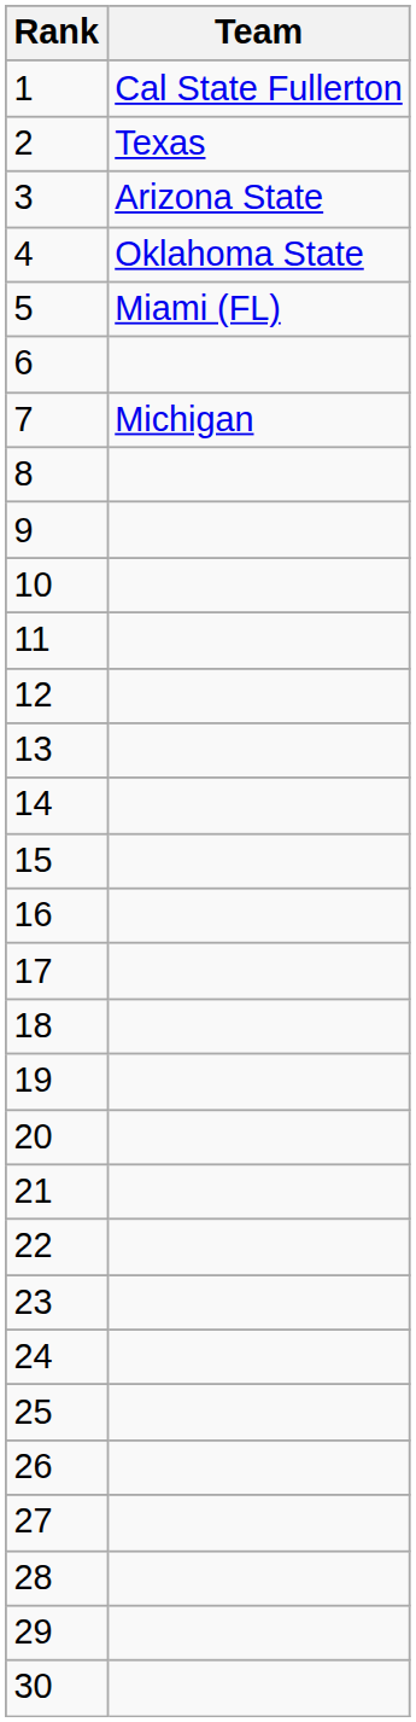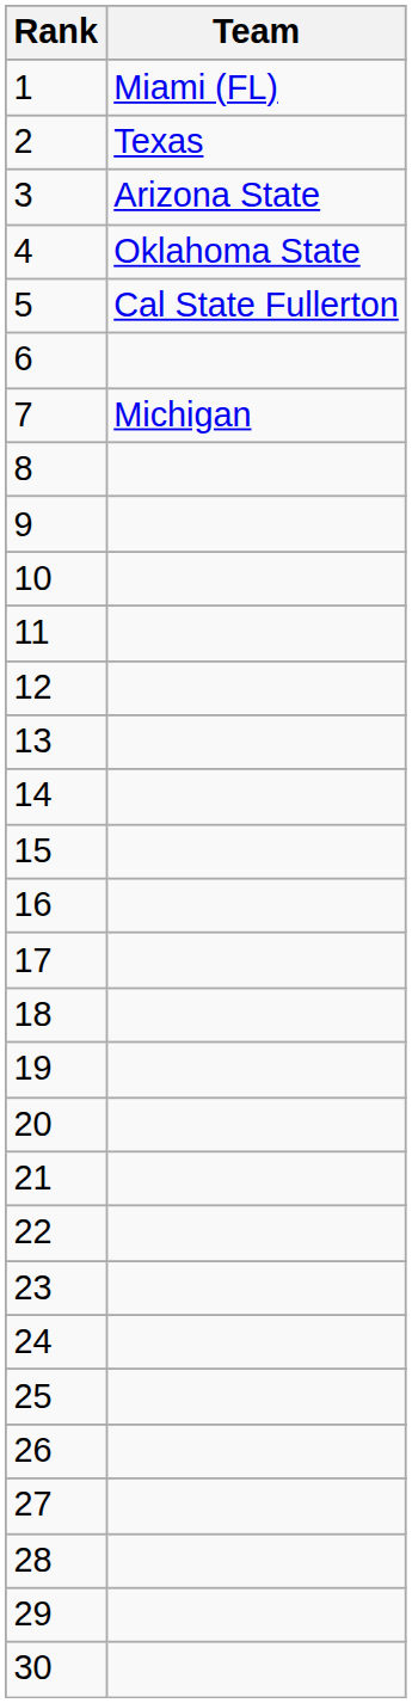 <table class=wikitable>
 <tr>
 <th>Rank</th>
 <th>Team</th>
 </tr>
 <tr>
 <td>1</td>
-<td><a href='#'>Cal State Fullerton</a></td>
+<td><a href='#'>Miami (FL)</a></td>
 </tr>
 <tr>
 <td>2</td>
 <td><a href='#'>Texas</a></td>
 </tr>
 <tr>
 <td>3</td>
 <td><a href='#'>Arizona State</a></td>
 </tr>
 <tr>
 <td>4</td>
 <td><a href='#'>Oklahoma State</a></td>
 </tr>
 <tr>
 <td>5</td>
-<td><a href='#'>Miami (FL)</a></td>
+<td><a href='#'>Cal State Fullerton</a></td>
 </tr>
 <tr>
 <td>6</td>
 <td></td>
 </tr>
 <tr>
 <td>7</td>
 <td><a href='#'>Michigan</a></td>
 </tr>
 <tr>
 <td>8</td>
 <td></td>
 </tr>
 <tr>
 <td>9</td>
 <td></td>
 </tr>
 <tr>
 <td>10</td>
 <td></td>
 </tr>
 <tr>
 <td>11</td>
 <td></td>
 </tr>
 <tr>
 <td>12</td>
 <td></td>
 </tr>
 <tr>
 <td>13</td>
 <td></td>
 </tr>
 <tr>
 <td>14</td>
 <td></td>
 </tr>
 <tr>
 <td>15</td>
 <td></td>
 </tr>
 <tr>
 <td>16</td>
 <td></td>
 </tr>
 <tr>
 <td>17</td>
 <td></td>
 </tr>
 <tr>
 <td>18</td>
 <td></td>
 </tr>
 <tr>
 <td>19</td>
 <td></td>
 </tr>
 <tr>
 <td>20</td>
 <td></td>
 </tr>
 <tr>
 <td>21</td>
 <td></td>
 </tr>
 <tr>
 <td>22</td>
 <td></td>
 </tr>
 <tr>
 <td>23</td>
 <td></td>
 </tr>
 <tr>
 <td>24</td>
 <td></td>
 </tr>
 <tr>
 <td>25</td>
 <td></td>
 </tr>
 <tr>
 <td>26</td>
 <td></td>
 </tr>
 <tr>
 <td>27</td>
 <td></td>
 </tr>
 <tr>
 <td>28</td>
 <td></td>
 </tr>
 <tr>
 <td>29</td>
 <td></td>
 </tr>
 <tr>
 <td>30</td>
 <td></td>
 </tr>
 </table>
